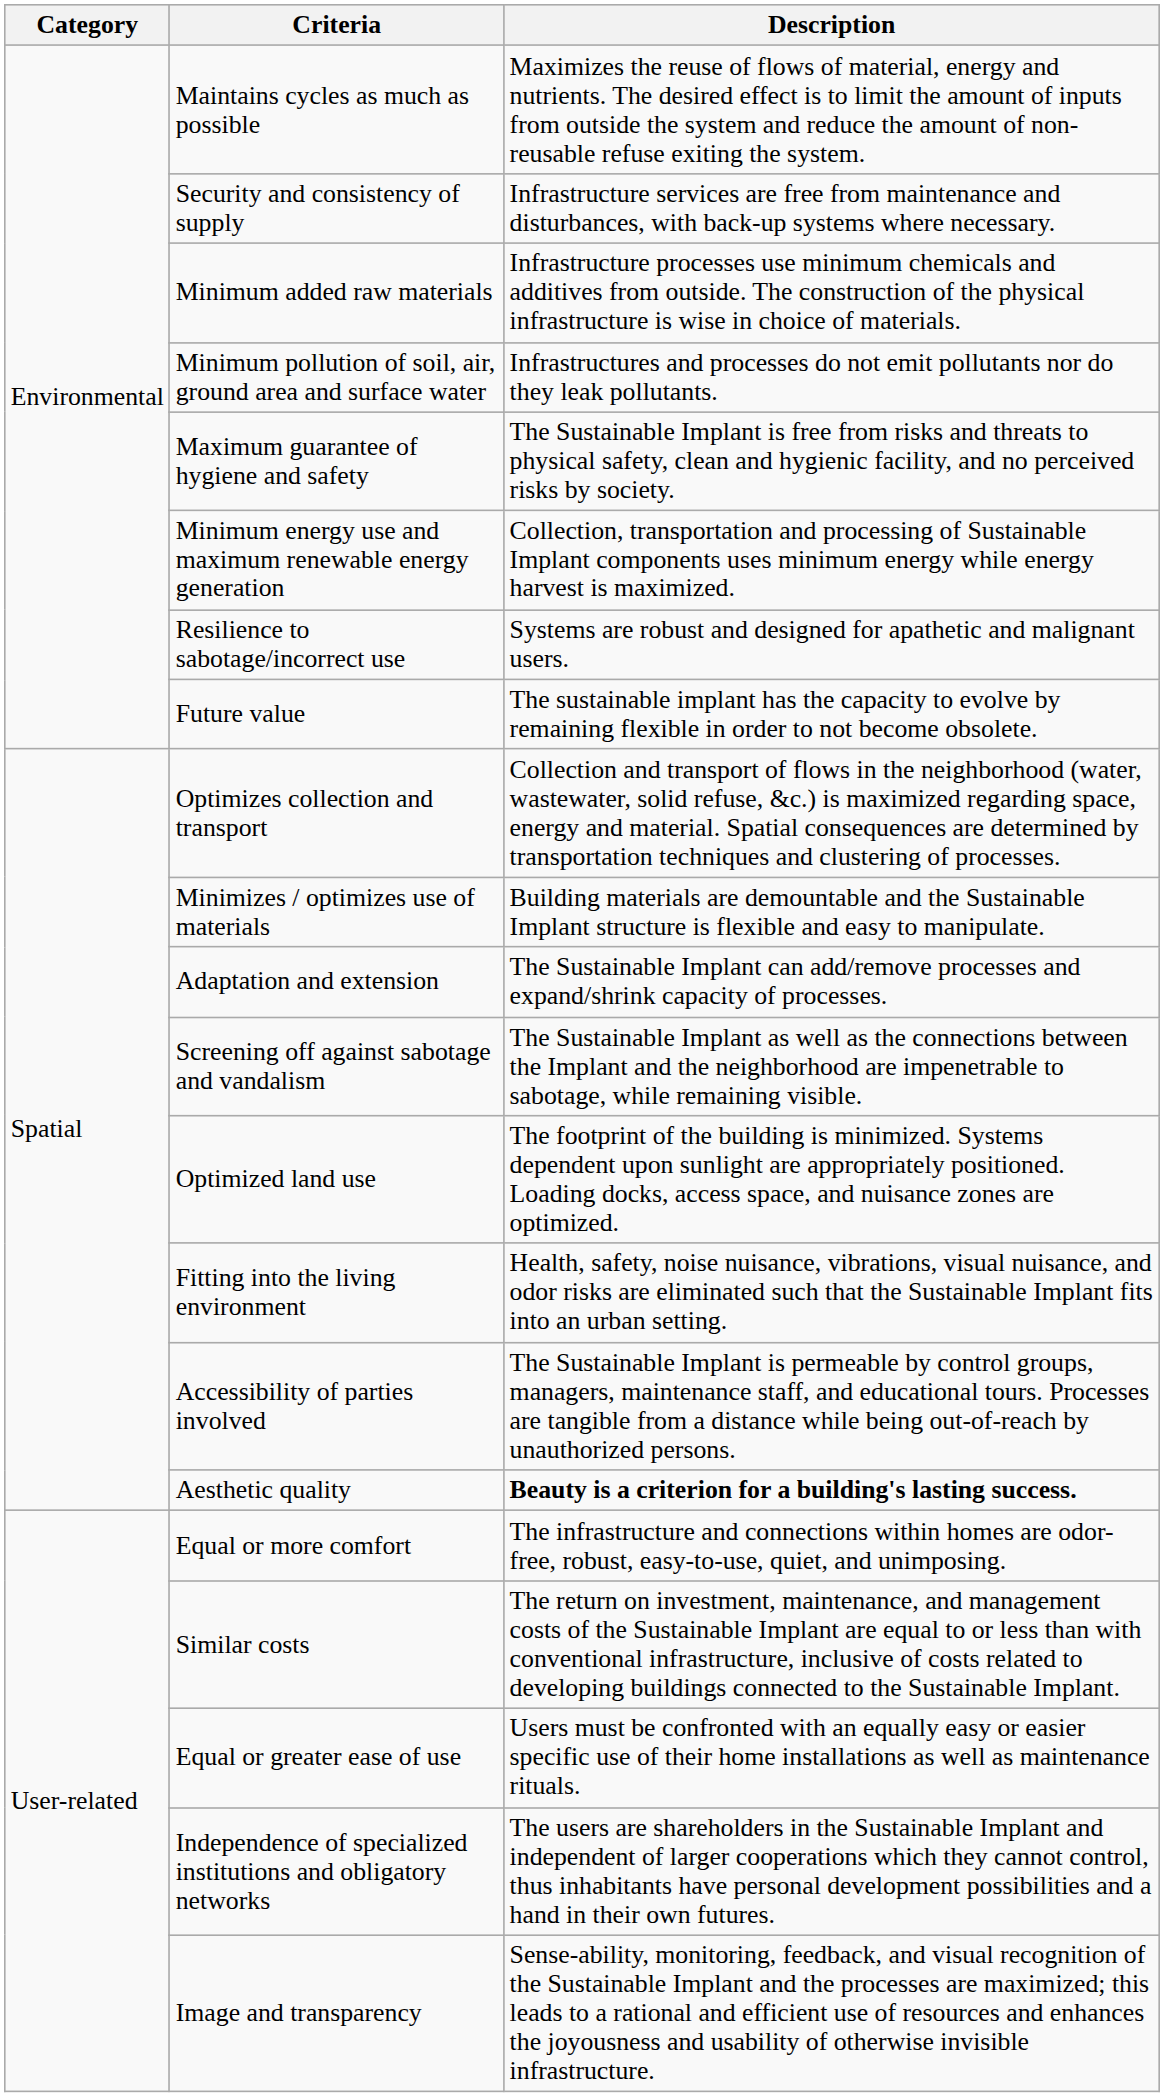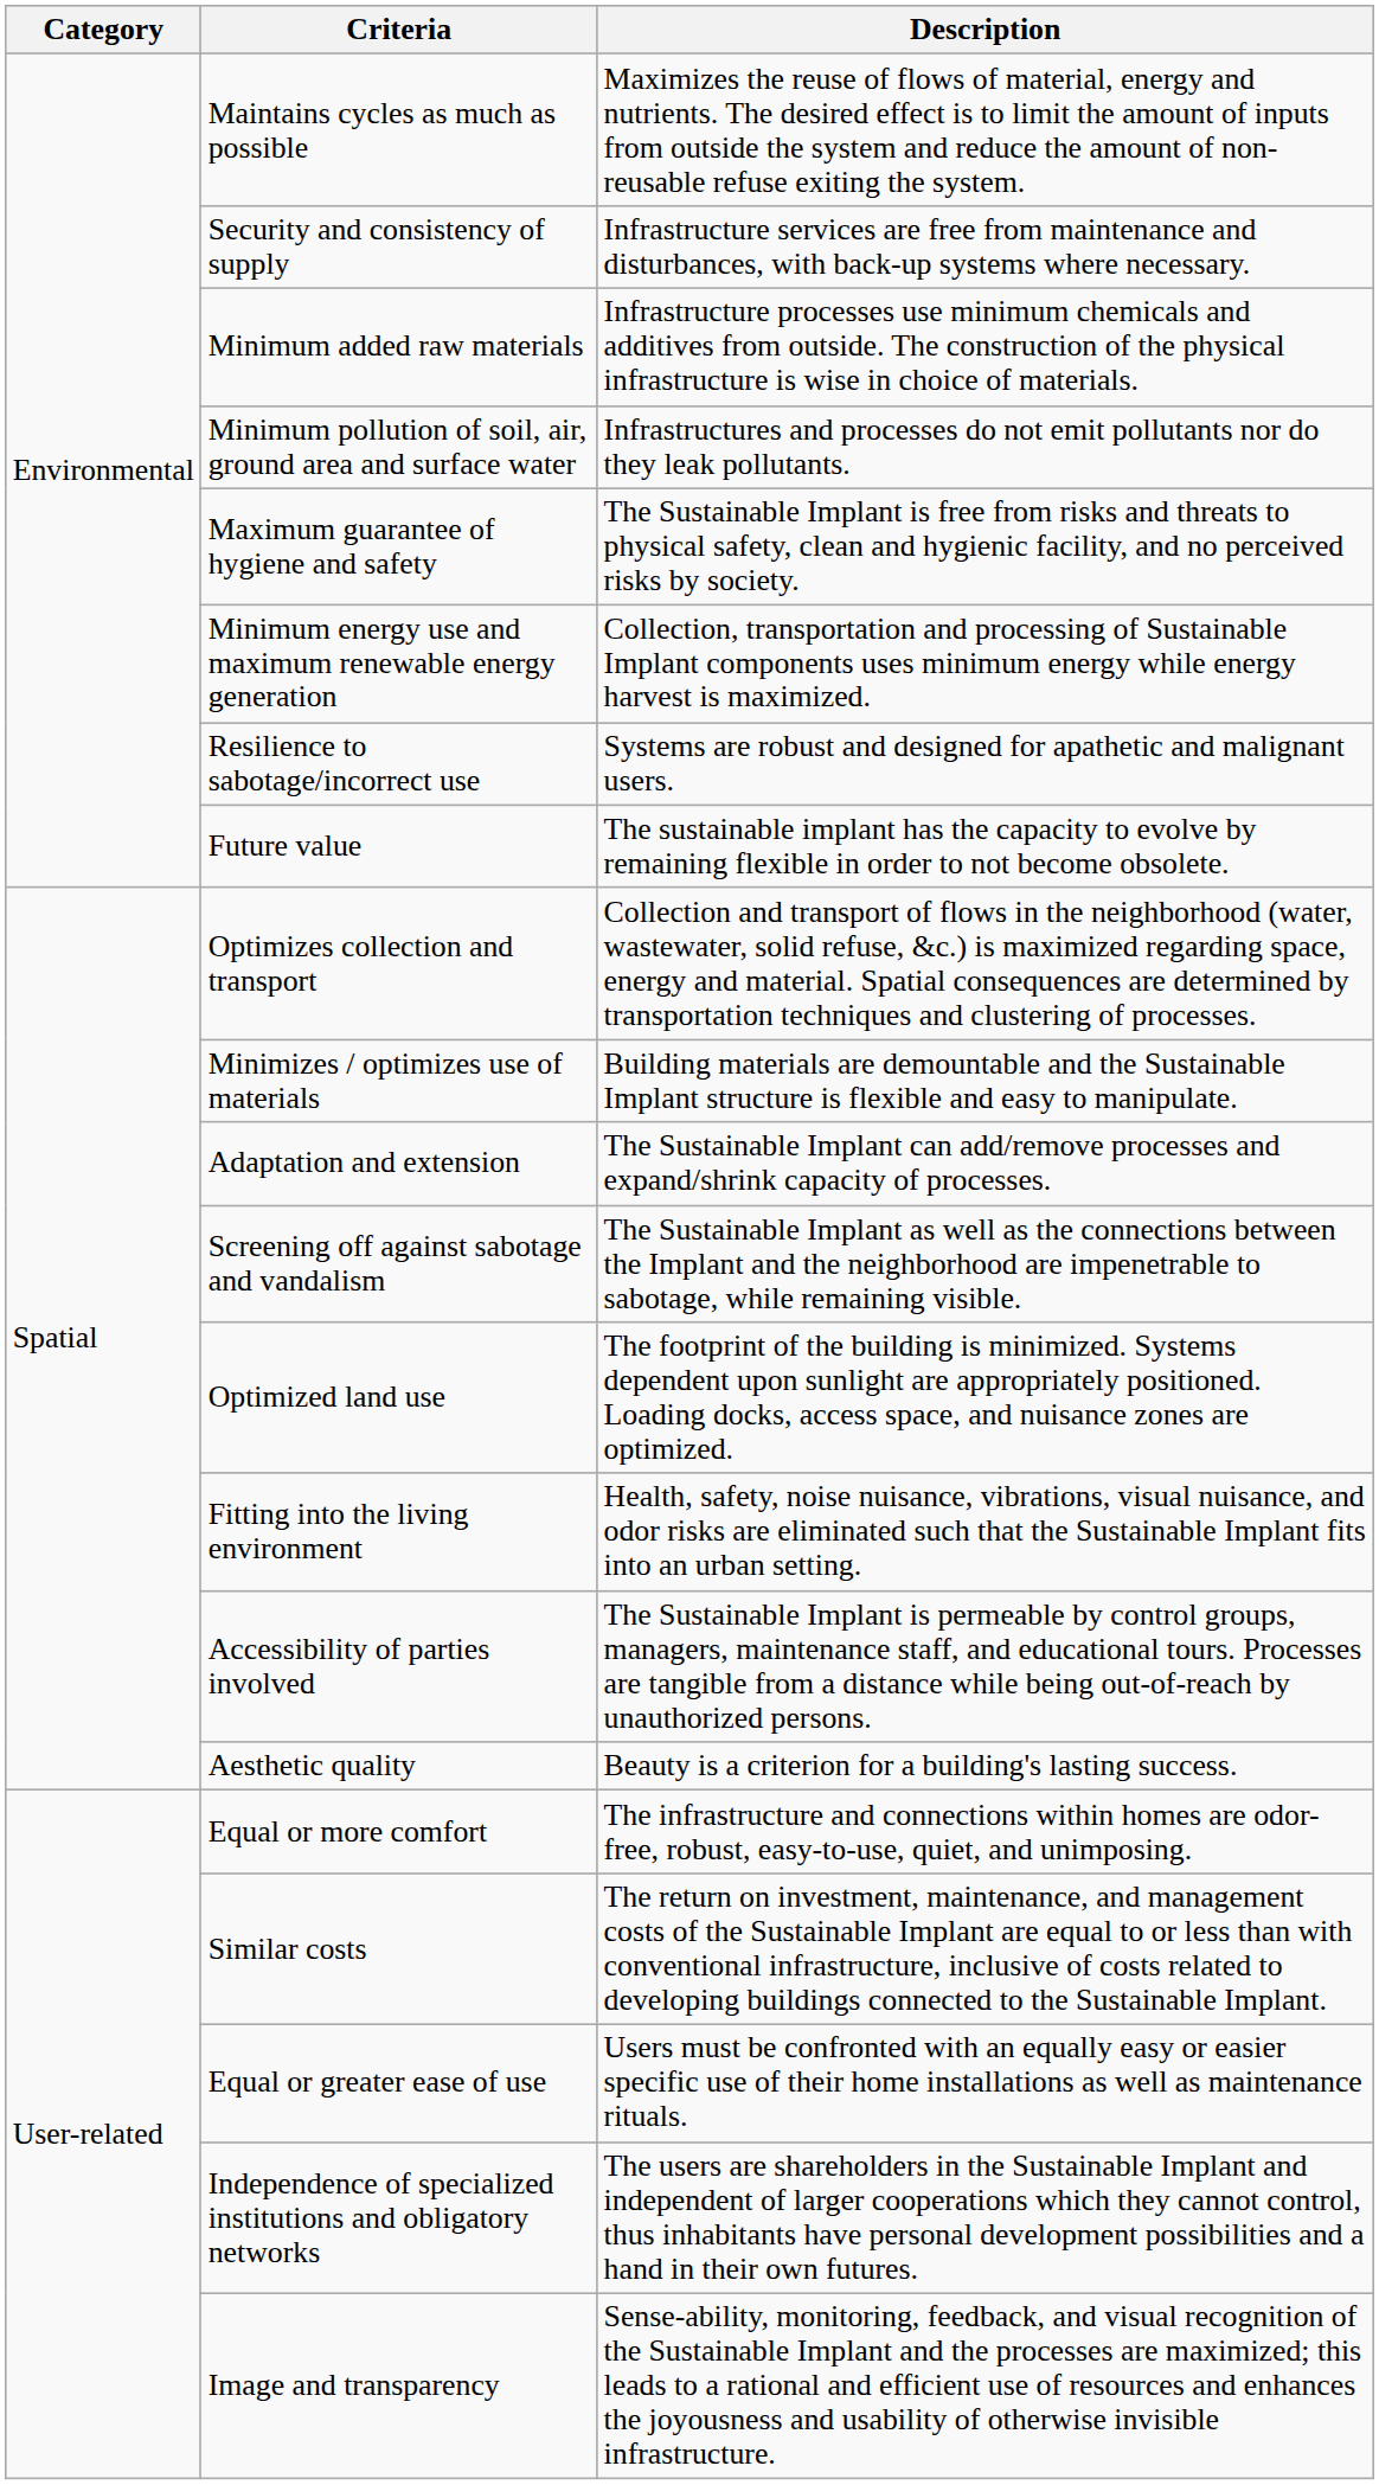 <table class="wikitable">
 <tr>
 <th width="70">Category</th>
 <th width="200">Criteria</th>
 <th width="400">Description</th>
 </tr>
 <tr>
 <td rowspan="8">Environmental</td>
 <td>Maintains cycles as much as possible</td>
 <td>Maximizes the reuse of flows of material, energy and nutrients. The desired effect is to limit the amount of inputs from outside the system and reduce the amount of non-reusable refuse exiting the system.</td>
 </tr>
 <tr>
 <td>Security and consistency of supply</td>
 <td>Infrastructure services are free from maintenance and disturbances, with back-up systems where necessary.</td>
 </tr>
 <tr>
 <td>Minimum added raw materials</td>
 <td>Infrastructure processes use minimum chemicals and additives from outside. The construction of the physical infrastructure is wise in choice of materials.</td>
 </tr>
 <tr>
 <td>Minimum pollution of soil, air, ground area and surface water</td>
 <td>Infrastructures and processes do not emit pollutants nor do they leak pollutants.</td>
 </tr>
 <tr>
 <td>Maximum guarantee of hygiene and safety</td>
 <td>The Sustainable Implant is free from risks and threats to physical safety, clean and hygienic facility, and no perceived risks by society.</td>
 </tr>
 <tr>
 <td>Minimum energy use and maximum renewable energy generation</td>
 <td>Collection, transportation and processing of Sustainable Implant components uses minimum energy while energy harvest is maximized.</td>
 </tr>
 <tr>
 <td>Resilience to sabotage/incorrect use</td>
 <td>Systems are robust and designed for apathetic and malignant users.</td>
 </tr>
 <tr>
 <td>Future value</td>
 <td>The sustainable implant has the capacity to evolve by remaining flexible in order to not become obsolete.</td>
 </tr>
 <tr>
 <td rowspan="8">Spatial</td>
 <td>Optimizes collection and transport</td>
 <td>Collection and transport of flows in the neighborhood (water, wastewater, solid refuse, &c.) is maximized regarding space, energy and material. Spatial consequences are determined by transportation techniques and clustering of processes.</td>
 </tr>
 <tr>
 <td>Minimizes / optimizes use of materials</td>
 <td>Building materials are demountable and the Sustainable Implant structure is flexible and easy to manipulate.</td>
 </tr>
 <tr>
 <td>Adaptation and extension</td>
 <td>The Sustainable Implant can add/remove processes and expand/shrink capacity of processes.</td>
 </tr>
 <tr>
 <td>Screening off against sabotage and vandalism</td>
 <td>The Sustainable Implant as well as the connections between the Implant and the neighborhood are impenetrable to sabotage, while remaining visible.</td>
 </tr>
 <tr>
 <td>Optimized land use</td>
 <td>The footprint of the building is minimized. Systems dependent upon sunlight are appropriately positioned. Loading docks, access space, and nuisance zones are optimized.</td>
 </tr>
 <tr>
 <td>Fitting into the living environment</td>
 <td>Health, safety, noise nuisance, vibrations, visual nuisance, and odor risks are eliminated such that the Sustainable Implant fits into an urban setting.</td>
 </tr>
 <tr>
 <td>Accessibility of parties involved</td>
 <td>The Sustainable Implant is permeable by control groups, managers, maintenance staff, and educational tours. Processes are tangible from a distance while being out-of-reach by unauthorized persons.</td>
 </tr>
 <tr>
 <td>Aesthetic quality</td>
-<td><strong>Beauty is a criterion for a building's lasting success.</strong></td>
+<td>Beauty is a criterion for a building's lasting success.</td>
 </tr>
 <tr>
 <td rowspan="5">User-related</td>
 <td>Equal or more comfort</td>
 <td>The infrastructure and connections within homes are odor-free, robust, easy-to-use, quiet, and unimposing.</td>
 </tr>
 <tr>
 <td>Similar costs</td>
 <td>The return on investment, maintenance, and management costs of the Sustainable Implant are equal to or less than with conventional infrastructure, inclusive of costs related to developing buildings connected to the Sustainable Implant.</td>
 </tr>
 <tr>
 <td>Equal or greater ease of use</td>
 <td>Users must be confronted with an equally easy or easier specific use of their home installations as well as maintenance rituals.</td>
 </tr>
 <tr>
 <td>Independence of specialized institutions and obligatory networks</td>
 <td>The users are shareholders in the Sustainable Implant and independent of larger cooperations which they cannot control, thus inhabitants have personal development possibilities and a hand in their own futures.</td>
 </tr>
 <tr>
 <td>Image and transparency</td>
 <td>Sense-ability, monitoring, feedback, and visual recognition of the Sustainable Implant and the processes are maximized; this leads to a rational and efficient use of resources and enhances the joyousness and usability of otherwise invisible infrastructure.</td>
 </tr>
 </table>
